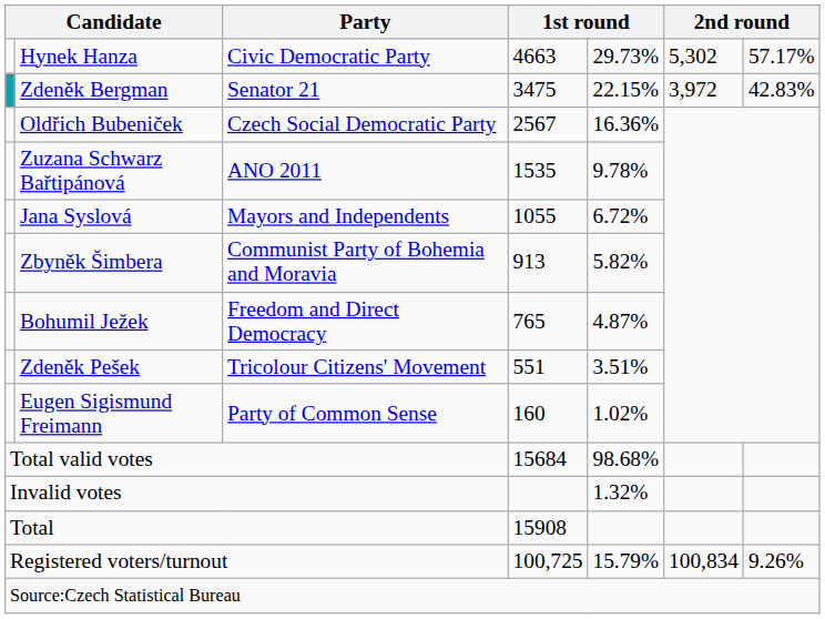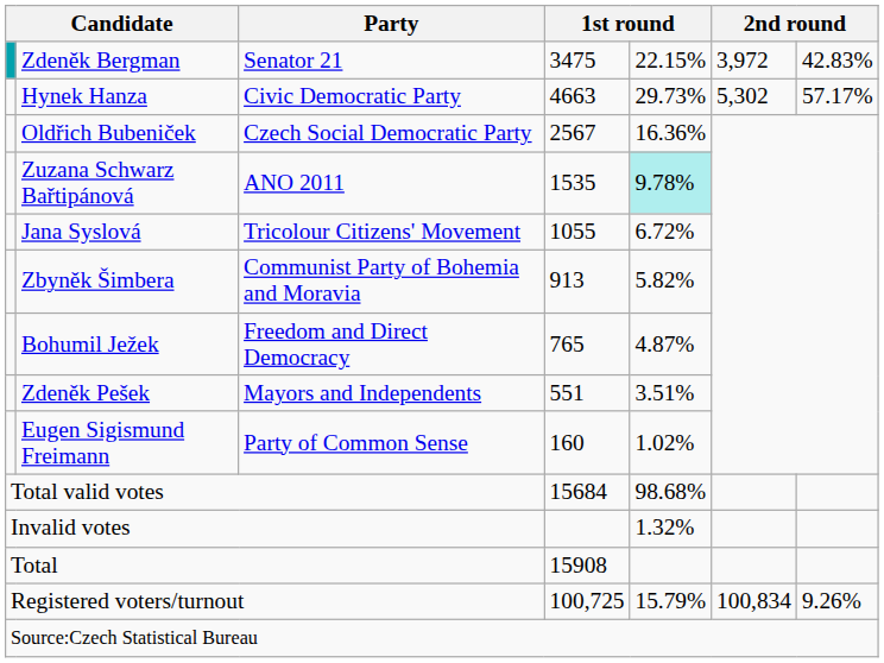 <table class="wikitable">
 <tr>
 <th colspan="2">Candidate</th>
 <th>Party</th>
 <th colspan="2">1st round</th>
 <th colspan="2">2nd round</th>
+</tr>
+<tr>
+<td style="background-color:#00A2AD"></td>
+<td><a href='#'>Zdeněk Bergman</a></td>
+<td><a href='#'>Senator 21</a></td>
+<td>3475</td>
+<td>22.15%</td>
+<td>3,972</td>
+<td>42.83%</td>
 </tr>
 <tr>
 <td style="background-color:"></td>
 <td><a href='#'>Hynek Hanza</a></td>
 <td><a href='#'>Civic Democratic Party</a></td>
 <td>4663</td>
 <td>29.73%</td>
 <td>5,302</td>
 <td>57.17%</td>
-</tr>
-<tr>
-<td style="background-color:#00A2AD"></td>
-<td><a href='#'>Zdeněk Bergman</a></td>
-<td><a href='#'>Senator 21</a></td>
-<td>3475</td>
-<td>22.15%</td>
-<td>3,972</td>
-<td>42.83%</td>
 </tr>
 <tr>
 <td style="background-color:"></td>
 <td><a href='#'>Oldřich Bubeniček</a></td>
 <td><a href='#'>Czech Social Democratic Party</a></td>
 <td>2567</td>
 <td>16.36%</td>
 <td colspan=2 rowspan=7></td>
 </tr>
 <tr>
 <td style="background-color:"></td>
 <td><a href='#'>Zuzana Schwarz Bařtipánová</a></td>
 <td><a href='#'>ANO 2011</a></td>
 <td>1535</td>
-<td>9.78%</td>
+<td style="background: paleturquoise;">9.78%</td>
 </tr>
 <tr>
 <td style="background-color:"></td>
 <td><a href='#'>Jana Syslová</a></td>
-<td><a href='#'>Mayors and Independents</a></td>
+<td><a href='#'>Tricolour Citizens' Movement</a></td>
 <td>1055</td>
 <td>6.72%</td>
 </tr>
 <tr>
 <td style="background-color:"></td>
 <td><a href='#'>Zbyněk Šimbera</a></td>
 <td><a href='#'>Communist Party of Bohemia and Moravia</a></td>
 <td>913</td>
 <td>5.82%</td>
 </tr>
 <tr>
 <td style="background-color:"></td>
 <td><a href='#'>Bohumil Ježek</a></td>
 <td><a href='#'>Freedom and Direct Democracy</a></td>
 <td>765</td>
 <td>4.87%</td>
 </tr>
 <tr>
 <td style="background-color:"></td>
 <td><a href='#'>Zdeněk Pešek</a></td>
-<td><a href='#'>Tricolour Citizens' Movement</a></td>
+<td><a href='#'>Mayors and Independents</a></td>
 <td>551</td>
 <td>3.51%</td>
 </tr>
 <tr>
 <td style="background-color:"></td>
 <td><a href='#'>Eugen Sigismund Freimann</a></td>
 <td><a href='#'>Party of Common Sense</a></td>
 <td>160</td>
 <td>1.02%</td>
 </tr>
 <tr>
 <td style="text-align:left;" colspan="3">Total valid votes</td>
 <td>15684</td>
 <td>98.68%</td>
 <td></td>
 <td></td>
 </tr>
 <tr>
 <td style="text-align:left;" colspan="3">Invalid votes</td>
 <td></td>
 <td>1.32%</td>
 <td></td>
 <td></td>
 </tr>
 <tr>
 <td style="text-align:left;" colspan="3">Total</td>
 <td>15908</td>
 <td></td>
 <td></td>
 <td></td>
 </tr>
 <tr>
 <td style="text-align:left;" colspan="3">Registered voters/turnout</td>
 <td>100,725</td>
 <td>15.79%</td>
 <td>100,834</td>
 <td>9.26%</td>
 </tr>
 <tr>
 <td Colspan="7"><small>Source:Czech Statistical Bureau</small></td>
 </tr>
 </table>
